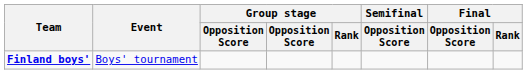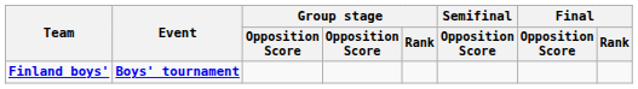 <table class="wikitable" style="font-size:90%">
 <tr>
 <th rowspan=2>Team</th>
 <th rowspan=2>Event</th>
 <th colspan=3>Group stage</th>
 <th>Semifinal</th>
 <th colspan=2>Final</th>
 </tr>
 <tr style="font-size:95%">
 <th>Opposition<br>Score</th>
 <th>Opposition<br>Score</th>
 <th>Rank</th>
 <th>Opposition<br>Score</th>
 <th>Opposition<br>Score</th>
 <th>Rank</th>
 </tr>
 <tr align=center>
 <td align=left><strong><a href='#'>Finland boys'</a></strong></td>
-<td align=left><a href='#'>Boys' tournament</a></td>
+<td align=left><strong><a href='#'>Boys' tournament</a></strong></td>
 <td></td>
 <td></td>
 <td></td>
 <td></td>
 <td></td>
 <td></td>
 </tr>
 </table>
